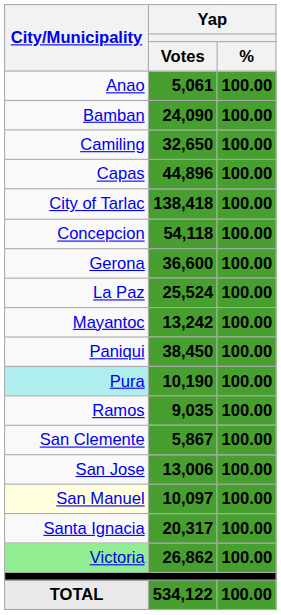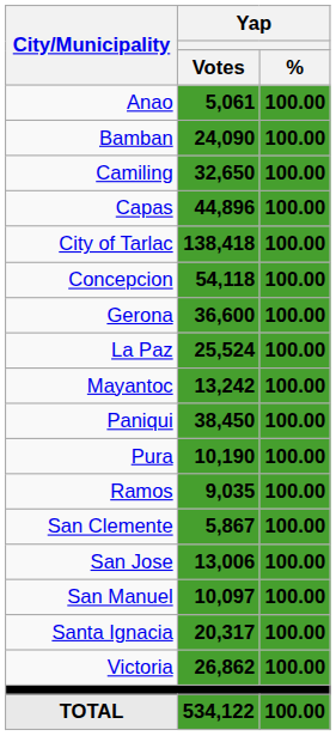 <table class="wikitable sortable" style="text-align:right; font-size:95%; line-height:20px;">
 <tr>
 <th width="125" rowspan="3"><a href='#'>City/Municipality</a></th>
 <th width="110" colspan="2">Yap</th>
 </tr>
 <tr>
 <th colspan="2" style="background:"></th>
 </tr>
 <tr>
 <th>Votes</th>
 <th>%</th>
 </tr>
 <tr>
 <td><a href='#'>Anao</a></td>
 <td style="background:#469F2E;"><strong>5,061</strong></td>
 <td style="background:#469F2E;"><strong>100.00</strong></td>
 </tr>
 <tr>
 <td><a href='#'>Bamban</a></td>
 <td style="background:#469F2E;"><strong>24,090</strong></td>
 <td style="background:#469F2E;"><strong>100.00</strong></td>
 </tr>
 <tr>
 <td><a href='#'>Camiling</a></td>
 <td style="background:#469F2E;"><strong>32,650</strong></td>
 <td style="background:#469F2E;"><strong>100.00</strong></td>
 </tr>
 <tr>
 <td><a href='#'>Capas</a></td>
 <td style="background:#469F2E;"><strong>44,896</strong></td>
 <td style="background:#469F2E;"><strong>100.00</strong></td>
 </tr>
 <tr>
 <td><a href='#'>City of Tarlac</a></td>
 <td style="background:#469F2E;"><strong>138,418</strong></td>
 <td style="background:#469F2E;"><strong>100.00</strong></td>
 </tr>
 <tr>
 <td><a href='#'>Concepcion</a></td>
 <td style="background:#469F2E;"><strong>54,118</strong></td>
 <td style="background:#469F2E;"><strong>100.00</strong></td>
 </tr>
 <tr>
 <td><a href='#'>Gerona</a></td>
 <td style="background:#469F2E;"><strong>36,600</strong></td>
 <td style="background:#469F2E;"><strong>100.00</strong></td>
 </tr>
 <tr>
 <td><a href='#'>La Paz</a></td>
 <td style="background:#469F2E;"><strong>25,524</strong></td>
 <td style="background:#469F2E;"><strong>100.00</strong></td>
 </tr>
 <tr>
 <td><a href='#'>Mayantoc</a></td>
 <td style="background:#469F2E;"><strong>13,242</strong></td>
 <td style="background:#469F2E;"><strong>100.00</strong></td>
 </tr>
 <tr>
 <td><a href='#'>Paniqui</a></td>
 <td style="background:#469F2E;"><strong>38,450</strong></td>
 <td style="background:#469F2E;"><strong>100.00</strong></td>
 </tr>
 <tr>
-<td style="background: paleturquoise;"><a href='#'>Pura</a></td>
+<td><a href='#'>Pura</a></td>
 <td style="background:#469F2E;"><strong>10,190</strong></td>
 <td style="background:#469F2E;"><strong>100.00</strong></td>
 </tr>
 <tr>
 <td><a href='#'>Ramos</a></td>
 <td style="background:#469F2E;"><strong>9,035</strong></td>
 <td style="background:#469F2E;"><strong>100.00</strong></td>
 </tr>
 <tr>
 <td><a href='#'>San Clemente</a></td>
 <td style="background:#469F2E;"><strong>5,867</strong></td>
 <td style="background:#469F2E;"><strong>100.00</strong></td>
 </tr>
 <tr>
 <td><a href='#'>San Jose</a></td>
 <td style="background:#469F2E;"><strong>13,006</strong></td>
 <td style="background:#469F2E;"><strong>100.00</strong></td>
 </tr>
 <tr>
-<td style="background: lightyellow;"><a href='#'>San Manuel</a></td>
+<td><a href='#'>San Manuel</a></td>
 <td style="background:#469F2E;"><strong>10,097</strong></td>
 <td style="background:#469F2E;"><strong>100.00</strong></td>
 </tr>
 <tr>
 <td><a href='#'>Santa Ignacia</a></td>
 <td style="background:#469F2E;"><strong>20,317</strong></td>
 <td style="background:#469F2E;"><strong>100.00</strong></td>
 </tr>
 <tr>
-<td style="background: lightgreen;"><a href='#'>Victoria</a></td>
+<td><a href='#'>Victoria</a></td>
 <td style="background:#469F2E;"><strong>26,862</strong></td>
 <td style="background:#469F2E;"><strong>100.00</strong></td>
 </tr>
 <tr>
 <td colspan=3 bgcolor=black></td>
 </tr>
 <tr>
 <td style="background:#E9E9E9;" align="center"><strong>TOTAL</strong></td>
 <td style="background:#469F2E;" align="center"><strong>534,122</strong></td>
 <td style="background:#469F2E;" align="center"><strong>100.00</strong></td>
 </tr>
 </table>
